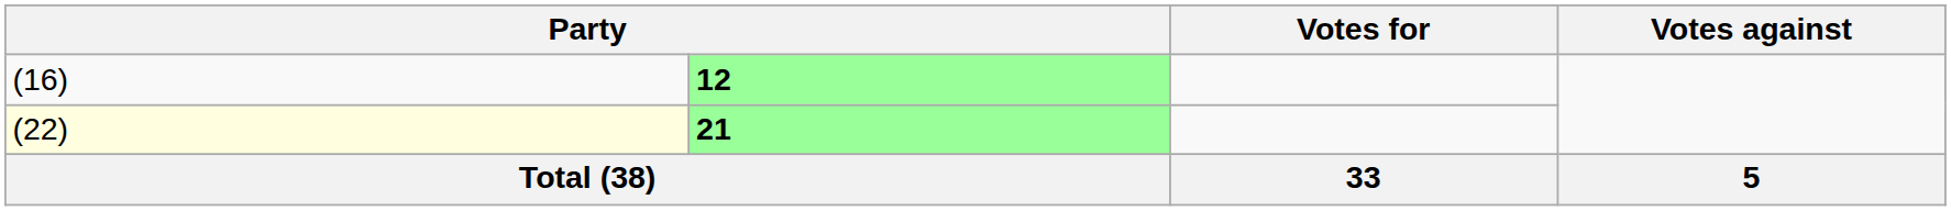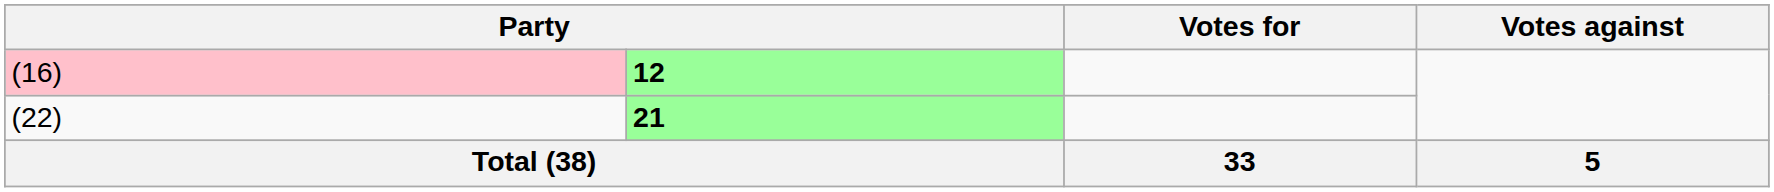 <table class="wikitable" style="width:50%;">
 <tr>
 <th colspan="2">Party</th>
 <th style="width:20%;">Votes for</th>
 <th style="width:20%;">Votes against</th>
 </tr>
 <tr>
-<td> (16)</td>
+<td style="background: pink;"> (16)</td>
 <td style="background-color:#9f9;"><strong>12</strong></td>
 <td></td>
 </tr>
 <tr>
-<td style="background: lightyellow;"> (22)</td>
+<td> (22)</td>
 <td style="background-color:#9f9;"><strong>21</strong></td>
 <td></td>
 </tr>
 <tr>
 <th colspan="2">Total (38)</th>
 <th>33</th>
 <th>5</th>
 </tr>
 </table>
